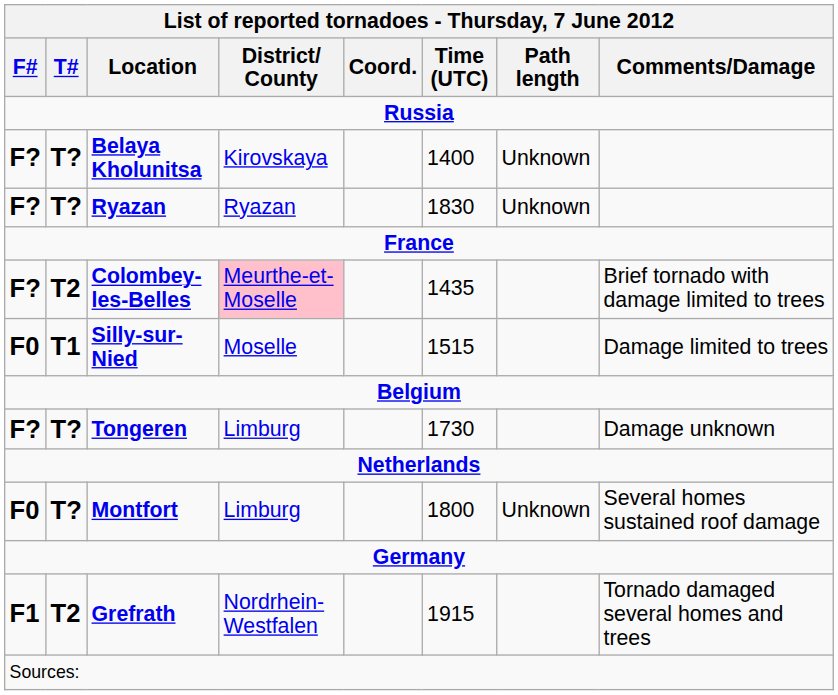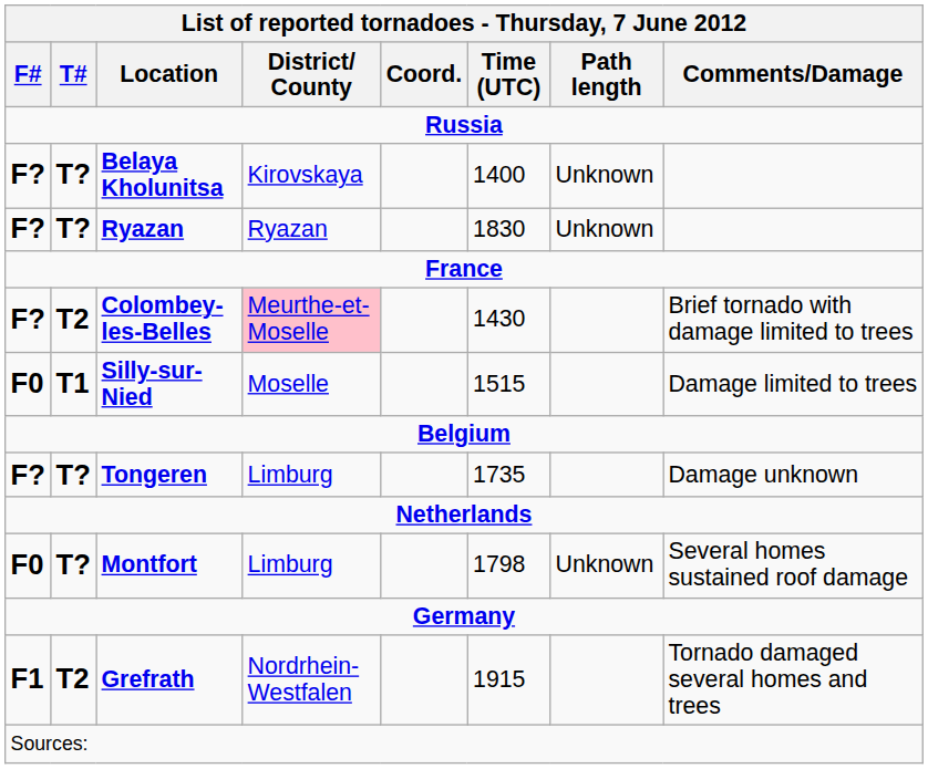 <table class="wikitable collapsible" width="100%">
 <tr>
 <th colspan="8">List of reported tornadoes - Thursday, 7 June 2012</th>
 </tr>
 <tr>
 <th><a href='#'>F#</a></th>
 <th><a href='#'>T#</a></th>
 <th>Location</th>
 <th>District/<br>County</th>
 <th>Coord.</th>
 <th>Time (UTC)</th>
 <th>Path length</th>
 <th>Comments/Damage</th>
 </tr>
 <tr>
 <td colspan="8" align=center><strong><a href='#'>Russia</a></strong></td>
 </tr>
 <tr>
 <td><big><strong>F?</strong></big></td>
 <td><big><strong>T?</strong></big></td>
 <td><strong><a href='#'>Belaya Kholunitsa</a></strong></td>
 <td><a href='#'>Kirovskaya</a></td>
 <td></td>
 <td>1400</td>
 <td>Unknown</td>
 <td></td>
 </tr>
 <tr>
 <td><big><strong>F?</strong></big></td>
 <td><big><strong>T?</strong></big></td>
 <td><strong><a href='#'>Ryazan</a></strong></td>
 <td><a href='#'>Ryazan</a></td>
 <td></td>
 <td>1830</td>
 <td>Unknown</td>
 <td></td>
 </tr>
 <tr>
 <td colspan="8" align=center><strong><a href='#'>France</a></strong></td>
 </tr>
 <tr>
 <td><big><strong>F?</strong></big></td>
 <td><big><strong>T2</strong></big></td>
 <td><strong><a href='#'>Colombey-les-Belles</a></strong></td>
 <td style="background: pink;"><a href='#'>Meurthe-et-Moselle</a></td>
 <td></td>
-<td>1435</td>
+<td>1430</td>
 <td></td>
 <td>Brief tornado with damage limited to trees</td>
 </tr>
 <tr>
 <td><big><strong>F0</strong></big></td>
 <td><big><strong>T1</strong></big></td>
 <td><strong><a href='#'>Silly-sur-Nied</a></strong></td>
 <td><a href='#'>Moselle</a></td>
 <td></td>
 <td>1515</td>
 <td></td>
 <td>Damage limited to trees</td>
 </tr>
 <tr>
 <td colspan="8" align=center><strong><a href='#'>Belgium</a></strong></td>
 </tr>
 <tr>
 <td><big><strong>F?</strong></big></td>
 <td><big><strong>T?</strong></big></td>
 <td><strong><a href='#'>Tongeren</a></strong></td>
 <td><a href='#'>Limburg</a></td>
 <td></td>
-<td>1730</td>
+<td>1735</td>
 <td></td>
 <td>Damage unknown</td>
 </tr>
 <tr>
 <td colspan="8" align=center><strong><a href='#'>Netherlands</a></strong></td>
 </tr>
 <tr>
 <td><big><strong>F0</strong></big></td>
 <td><big><strong>T?</strong></big></td>
 <td><strong><a href='#'>Montfort</a></strong></td>
 <td><a href='#'>Limburg</a></td>
 <td></td>
-<td>1800</td>
+<td>1798</td>
 <td>Unknown</td>
 <td>Several homes sustained roof damage</td>
 </tr>
 <tr>
 <td colspan="8" align=center><strong><a href='#'>Germany</a></strong></td>
 </tr>
 <tr>
 <td><big><strong>F1</strong></big></td>
 <td><big><strong>T2</strong></big></td>
 <td><strong><a href='#'>Grefrath</a></strong></td>
 <td><a href='#'>Nordrhein-Westfalen</a></td>
 <td></td>
 <td>1915</td>
 <td></td>
 <td>Tornado damaged several homes and trees</td>
 </tr>
 <tr>
 <td colspan="8"><small>Sources:  </small></td>
 </tr>
 </table>
